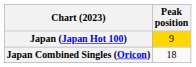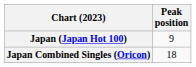 <table class="wikitable sortable plainrowheaders" style="text-align:center">
 <tr>
 <th scope="col">Chart (2023)</th>
 <th scope="col">Peak<br>position</th>
 </tr>
 <tr>
 <th scope="row">Japan (<a href='#'>Japan Hot 100</a>)</th>
-<td style="background: gold;">9</td>
+<td>9</td>
 </tr>
 <tr>
 <th scope="row">Japan Combined Singles (<a href='#'>Oricon</a>)</th>
 <td>18</td>
 </tr>
 </table>
